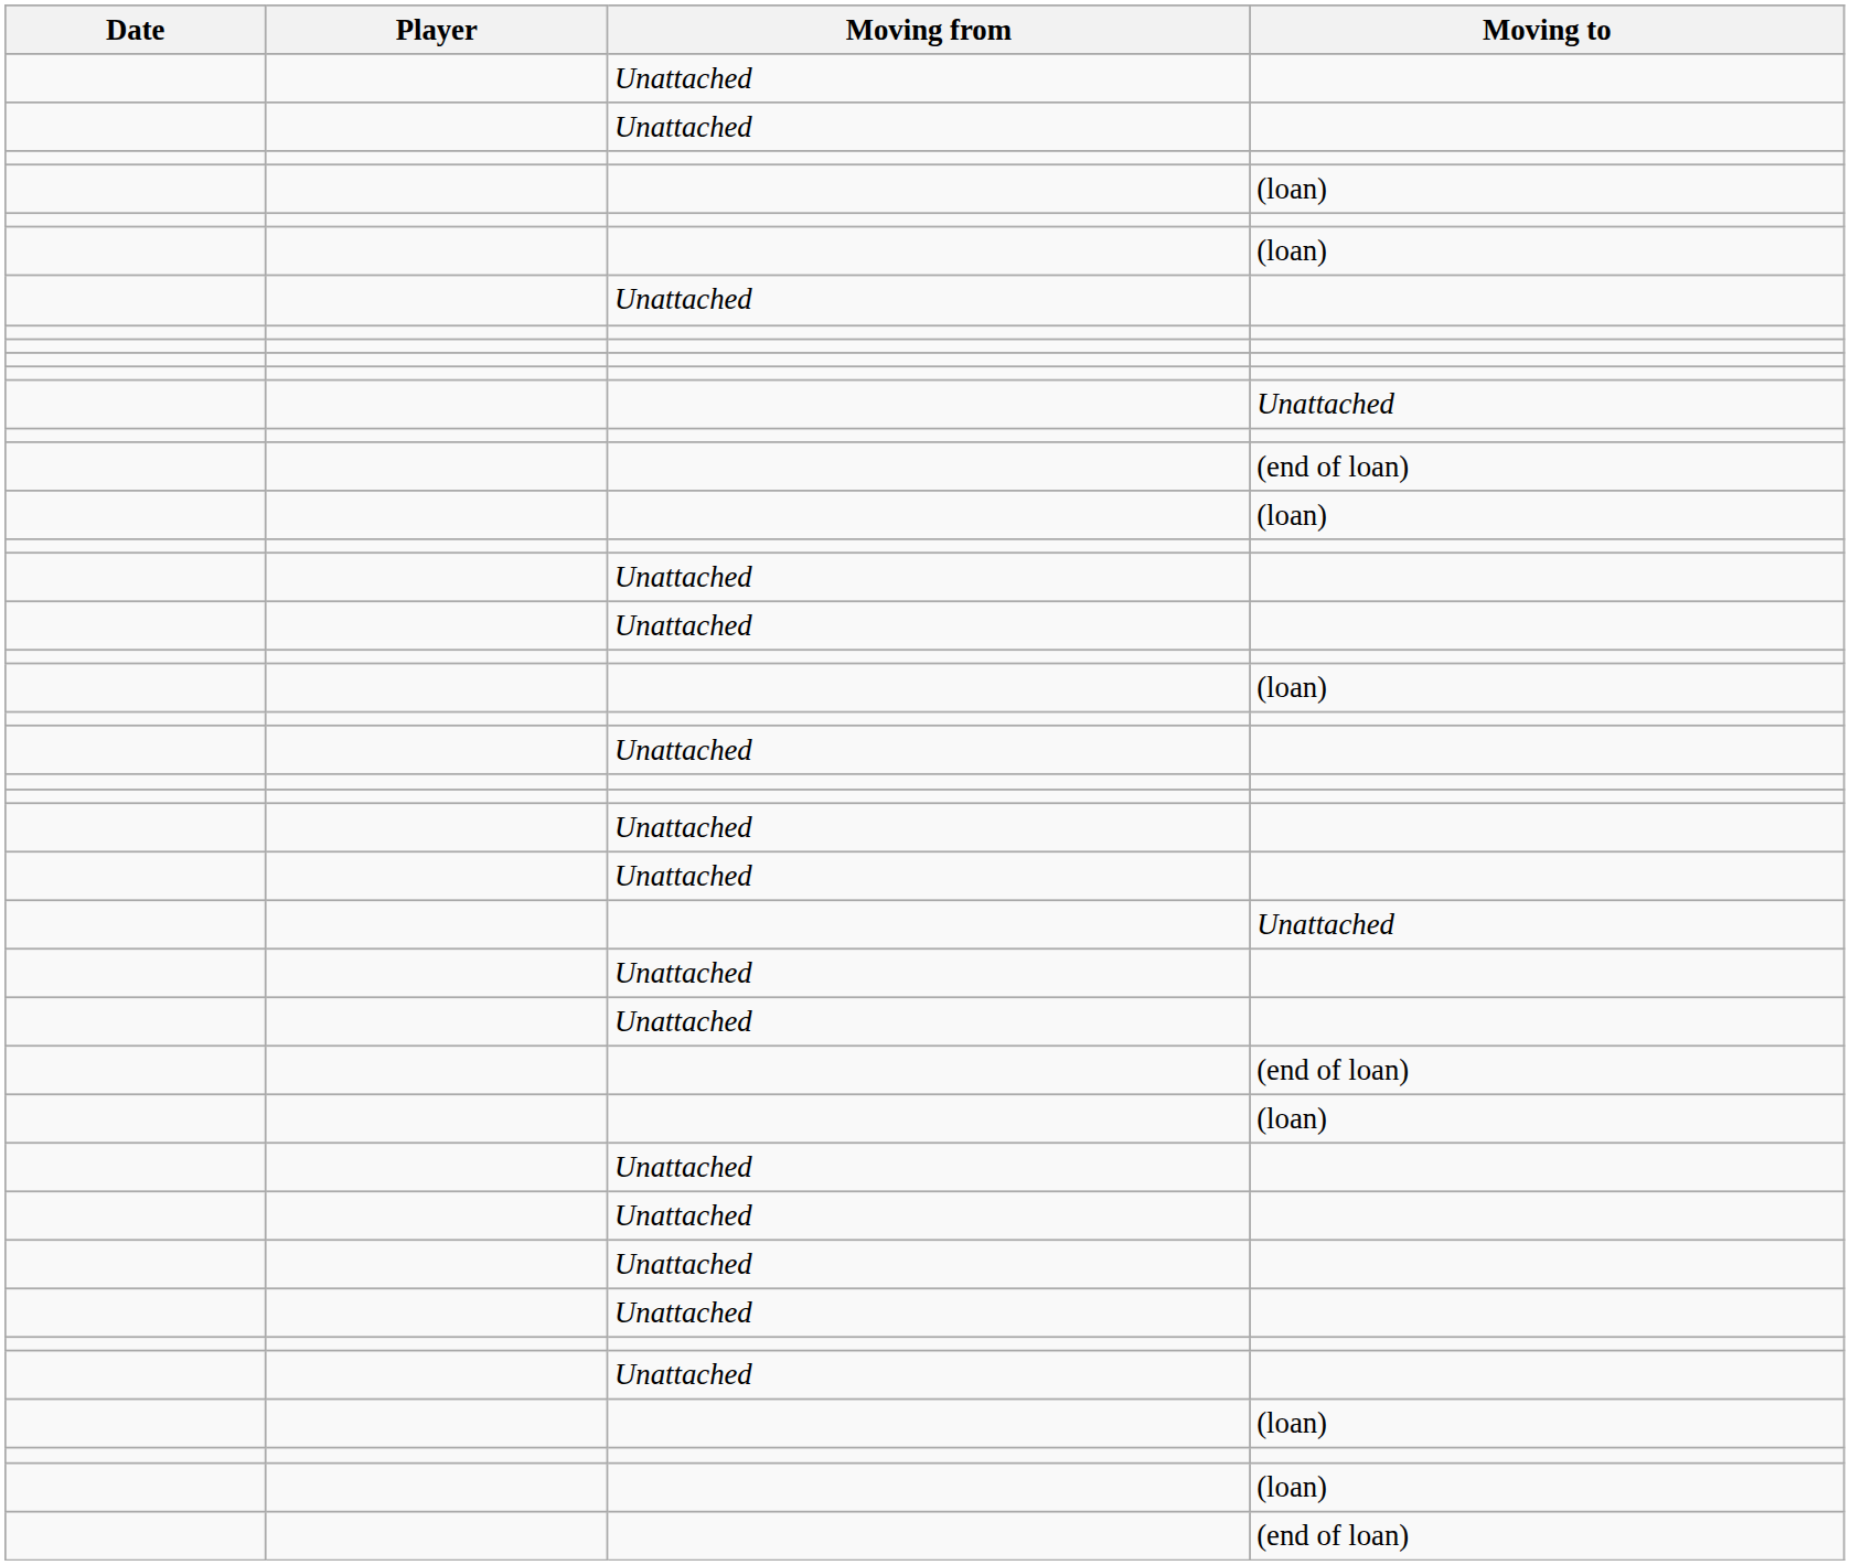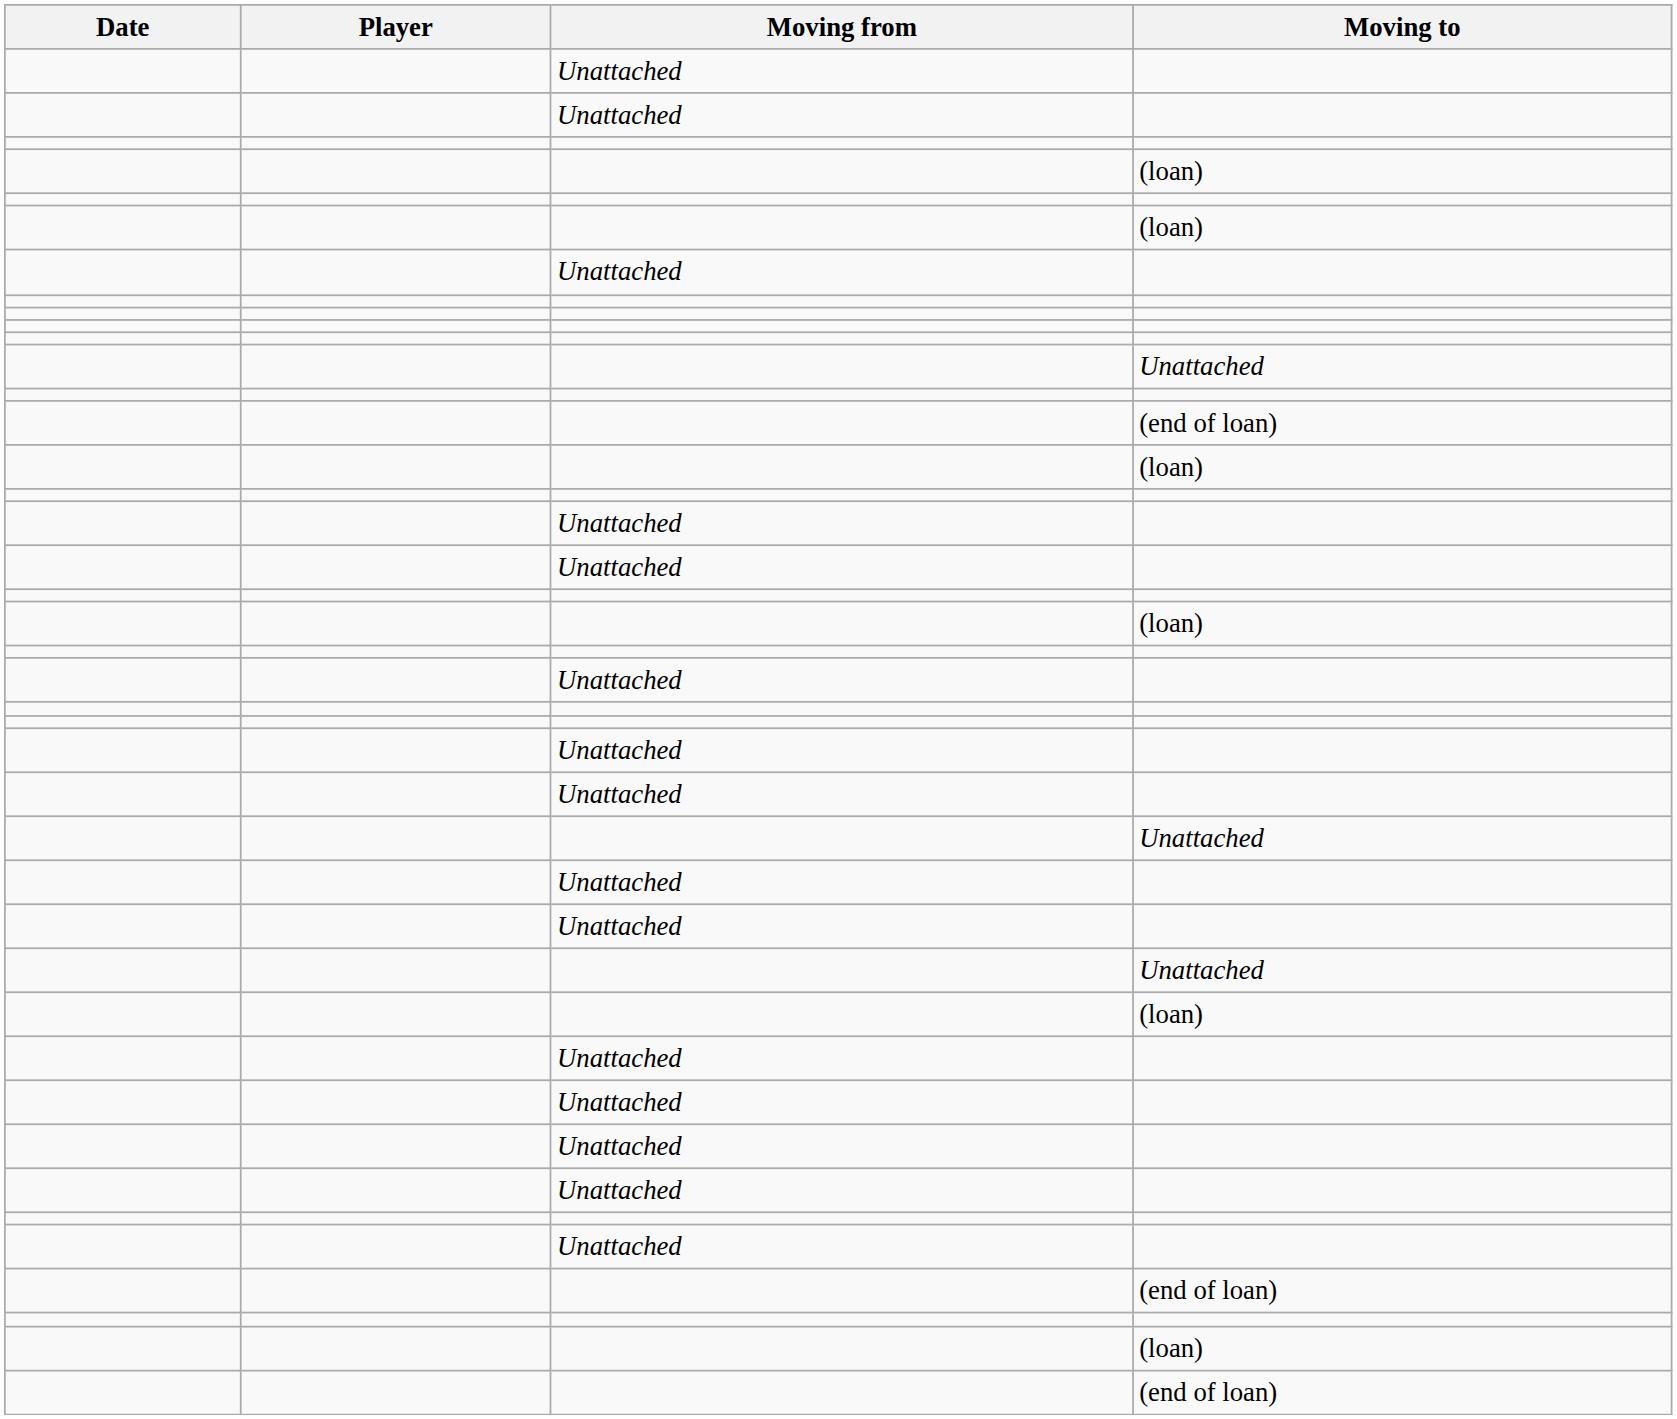 <table class="wikitable sortable" style="width:75%; font-size:95%; ">
 <tr>
 <th>Date</th>
 <th>Player</th>
 <th>Moving from</th>
 <th>Moving to</th>
 </tr>
 <tr>
 <td></td>
 <td></td>
 <td><em>Unattached</em></td>
 <td></td>
 </tr>
 <tr>
 <td></td>
 <td></td>
 <td><em>Unattached</em></td>
 <td></td>
 </tr>
 <tr>
 <td></td>
 <td></td>
 <td></td>
 <td></td>
 </tr>
 <tr>
 <td></td>
 <td></td>
 <td></td>
 <td> (loan)</td>
 </tr>
 <tr>
 <td></td>
 <td></td>
 <td></td>
 <td></td>
 </tr>
 <tr>
 <td></td>
 <td></td>
 <td></td>
 <td> (loan)</td>
 </tr>
 <tr>
 <td></td>
 <td></td>
 <td><em>Unattached</em></td>
 <td></td>
 </tr>
 <tr>
 <td></td>
 <td></td>
 <td></td>
 <td></td>
 </tr>
 <tr>
 <td></td>
 <td></td>
 <td></td>
 <td></td>
 </tr>
 <tr>
 <td></td>
 <td></td>
 <td></td>
 <td></td>
 </tr>
 <tr>
 <td></td>
 <td></td>
 <td></td>
 <td></td>
 </tr>
 <tr>
 <td></td>
 <td></td>
 <td></td>
 <td><em>Unattached</em></td>
 </tr>
 <tr>
 <td></td>
 <td></td>
 <td></td>
 <td></td>
 </tr>
 <tr>
 <td></td>
 <td></td>
 <td></td>
 <td> (end of loan)</td>
 </tr>
 <tr>
 <td></td>
 <td></td>
 <td></td>
 <td> (loan)</td>
 </tr>
 <tr>
 <td></td>
 <td></td>
 <td></td>
 <td></td>
 </tr>
 <tr>
 <td></td>
 <td></td>
 <td><em>Unattached</em></td>
 <td></td>
 </tr>
 <tr>
 <td></td>
 <td></td>
 <td><em>Unattached</em></td>
 <td></td>
 </tr>
 <tr>
 <td></td>
 <td></td>
 <td></td>
 <td></td>
 </tr>
 <tr>
 <td></td>
 <td></td>
 <td></td>
 <td> (loan)</td>
 </tr>
 <tr>
 <td></td>
 <td></td>
 <td></td>
 <td></td>
 </tr>
 <tr>
 <td></td>
 <td></td>
 <td><em>Unattached</em></td>
 <td></td>
 </tr>
 <tr>
 <td></td>
 <td></td>
 <td></td>
 <td></td>
 </tr>
 <tr>
 <td></td>
 <td></td>
 <td></td>
 <td></td>
 </tr>
 <tr>
 <td></td>
 <td></td>
 <td><em>Unattached</em></td>
 <td></td>
 </tr>
 <tr>
 <td></td>
 <td></td>
 <td><em>Unattached</em></td>
 <td></td>
 </tr>
 <tr>
 <td></td>
 <td></td>
 <td></td>
 <td><em>Unattached</em></td>
 </tr>
 <tr>
 <td></td>
 <td></td>
 <td><em>Unattached</em></td>
 <td></td>
 </tr>
 <tr>
 <td></td>
 <td></td>
 <td><em>Unattached</em></td>
 <td></td>
 </tr>
 <tr>
 <td></td>
 <td></td>
 <td></td>
-<td> (end of loan)</td>
+<td><em>Unattached</em></td>
 </tr>
 <tr>
 <td></td>
 <td></td>
 <td></td>
 <td> (loan)</td>
 </tr>
 <tr>
 <td></td>
 <td></td>
 <td><em>Unattached</em></td>
 <td></td>
 </tr>
 <tr>
 <td></td>
 <td></td>
 <td><em>Unattached</em></td>
 <td></td>
 </tr>
 <tr>
 <td></td>
 <td></td>
 <td><em>Unattached</em></td>
 <td></td>
 </tr>
 <tr>
 <td></td>
 <td></td>
 <td><em>Unattached</em></td>
 <td></td>
 </tr>
 <tr>
 <td></td>
 <td></td>
 <td></td>
 <td></td>
 </tr>
 <tr>
 <td></td>
 <td></td>
 <td><em>Unattached</em></td>
 <td></td>
 </tr>
 <tr>
 <td></td>
 <td></td>
 <td></td>
-<td> (loan)</td>
+<td> (end of loan)</td>
 </tr>
 <tr>
 <td></td>
 <td></td>
 <td></td>
 <td></td>
 </tr>
 <tr>
 <td></td>
 <td></td>
 <td></td>
 <td> (loan)</td>
 </tr>
 <tr>
 <td></td>
 <td></td>
 <td></td>
 <td> (end of loan)</td>
 </tr>
 </table>
